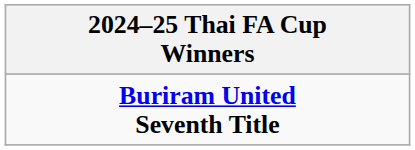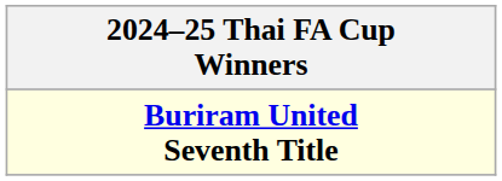 <table class="wikitable" style="text-align: center; margin: 0 auto; width: 20%">
 <tr>
 <th>2024–25 Thai FA Cup<br>Winners</th>
 </tr>
 <tr>
-<td align="center"><strong><a href='#'>Buriram United</a></strong><br><strong>Seventh Title</strong></td>
+<td align="center" style="background: lightyellow;"><strong><a href='#'>Buriram United</a></strong><br><strong>Seventh Title</strong></td>
 </tr>
 </table>
